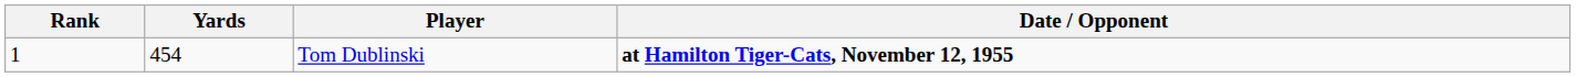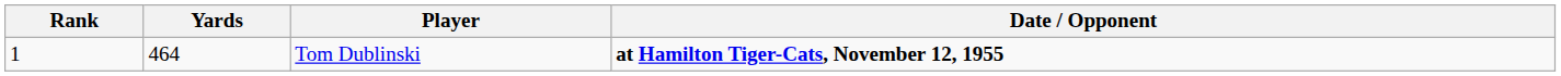 <table class="wikitable" style="width:60%;">
 <tr>
 <th>Rank</th>
 <th>Yards</th>
 <th>Player</th>
 <th>Date / Opponent</th>
 </tr>
 <tr>
 <td>1</td>
-<td>454</td>
+<td>464</td>
 <td><a href='#'>Tom Dublinski</a></td>
 <td><strong>at <a href='#'>Hamilton Tiger-Cats</a>, November 12, 1955</strong></td>
 </tr>
 </table>
